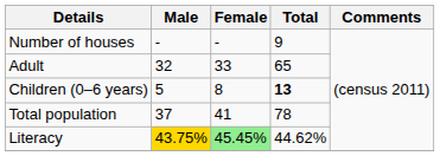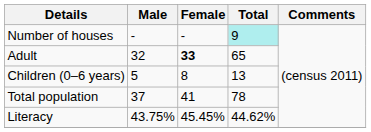 <table class="wikitable sortable">
 <tr>
 <th>Details</th>
 <th>Male</th>
 <th>Female</th>
 <th>Total</th>
 <th>Comments</th>
 </tr>
 <tr>
 <td>Number of houses</td>
 <td>-</td>
 <td>-</td>
-<td>9</td>
+<td style="background: paleturquoise;">9</td>
 <td rowspan="5">(census 2011) </td>
 </tr>
 <tr>
 <td>Adult</td>
 <td>32</td>
-<td>33</td>
+<td><strong>33</strong></td>
 <td>65</td>
 </tr>
 <tr>
 <td>Children (0–6 years)</td>
 <td>5</td>
 <td>8</td>
-<td><strong>13</strong></td>
+<td>13</td>
 </tr>
 <tr>
 <td>Total population</td>
 <td>37</td>
 <td>41</td>
 <td>78</td>
 </tr>
 <tr>
 <td>Literacy</td>
-<td style="background: gold;">43.75%</td>
-<td style="background: lightgreen;">45.45%</td>
+<td>43.75%</td>
+<td>45.45%</td>
 <td>44.62%</td>
 </tr>
 <tr>
 </tr>
 </table>
